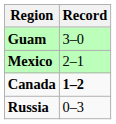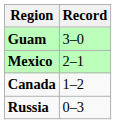 <table class="wikitable">
 <tr>
 <th>Region</th>
 <th>Record</th>
 </tr>
 <tr bgcolor=#bbffbb>
 <td><strong>Guam</strong></td>
 <td>3–0</td>
 </tr>
 <tr bgcolor=#bbffbb>
 <td><strong>Mexico</strong></td>
 <td>2–1</td>
 </tr>
 <tr>
 <td><strong>Canada</strong></td>
-<td><strong>1–2</strong></td>
+<td>1–2</td>
 </tr>
 <tr>
 <td><strong>Russia</strong></td>
 <td>0–3</td>
 </tr>
 </table>
